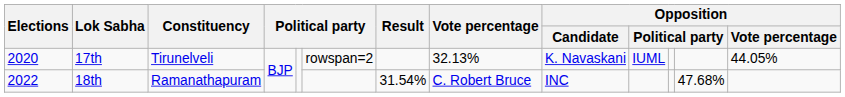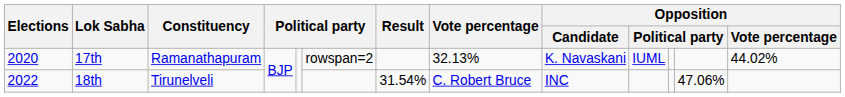 <table class="wikitable sortable">
 <tr>
 <th rowspan="2">Elections</th>
 <th rowspan="2">Lok Sabha</th>
 <th rowspan="2">Constituency</th>
 <th colspan="3" rowspan="2">Political party</th>
 <th rowspan="2">Result</th>
 <th rowspan="2">Vote percentage</th>
 <th colspan="5">Opposition</th>
 </tr>
 <tr>
 <th>Candidate</th>
 <th colspan="3">Political party</th>
 <th>Vote percentage</th>
 </tr>
 <tr>
 <td><a href='#'>2020</a></td>
 <td><a href='#'>17th</a></td>
-<td><a href='#'>Tirunelveli</a></td>
+<td><a href='#'>Ramanathapuram</a></td>
 <td rowspan="2"><a href='#'>BJP</a></td>
 <td rowspan="2"></td>
 <td>rowspan=2 </td>
 <td></td>
 <td>32.13%</td>
 <td><a href='#'>K. Navaskani</a></td>
 <td><a href='#'>IUML</a></td>
 <td></td>
 <td></td>
-<td>44.05%</td>
+<td>44.02%</td>
 </tr>
 <tr>
 <td><a href='#'>2022</a></td>
 <td><a href='#'>18th</a></td>
-<td><a href='#'>Ramanathapuram</a></td>
+<td><a href='#'>Tirunelveli</a></td>
 <td></td>
 <td>31.54%</td>
 <td><a href='#'>C. Robert Bruce</a></td>
 <td><a href='#'>INC</a></td>
 <td></td>
 <td></td>
-<td>47.68%</td>
+<td>47.06%</td>
 </tr>
 </table>
